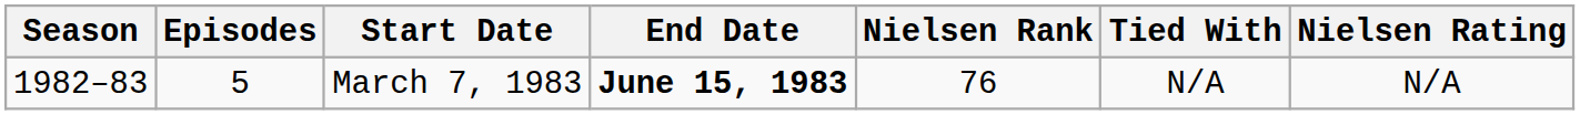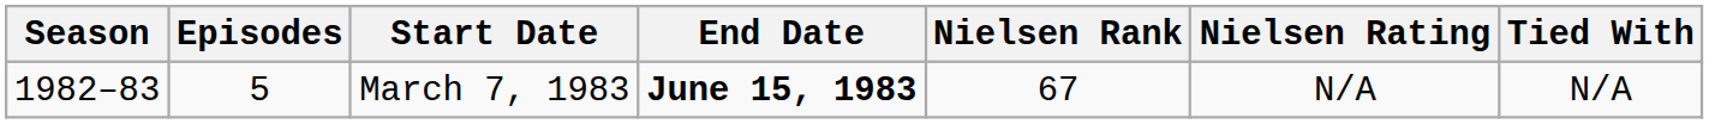 <table class="wikitable" style="text-align: center">
 <tr>
 <th>Season</th>
 <th>Episodes</th>
 <th>Start Date</th>
 <th>End Date</th>
 <th>Nielsen Rank</th>
+<th>Nielsen Rating</th>
 <th>Tied With</th>
-<th>Nielsen Rating</th>
 </tr>
 <tr>
 <td style="text-align:center">1982–83</td>
 <td style="text-align:center">5</td>
 <td style="text-align:center">March 7, 1983</td>
 <td style="text-align:center"><strong>June 15, 1983</strong></td>
-<td style="text-align:center:">76</td>
+<td style="text-align:center:">67</td>
 <td style="text-align:center">N/A</td>
 <td style="text-align:center">N/A</td>
 </tr>
 </table>
